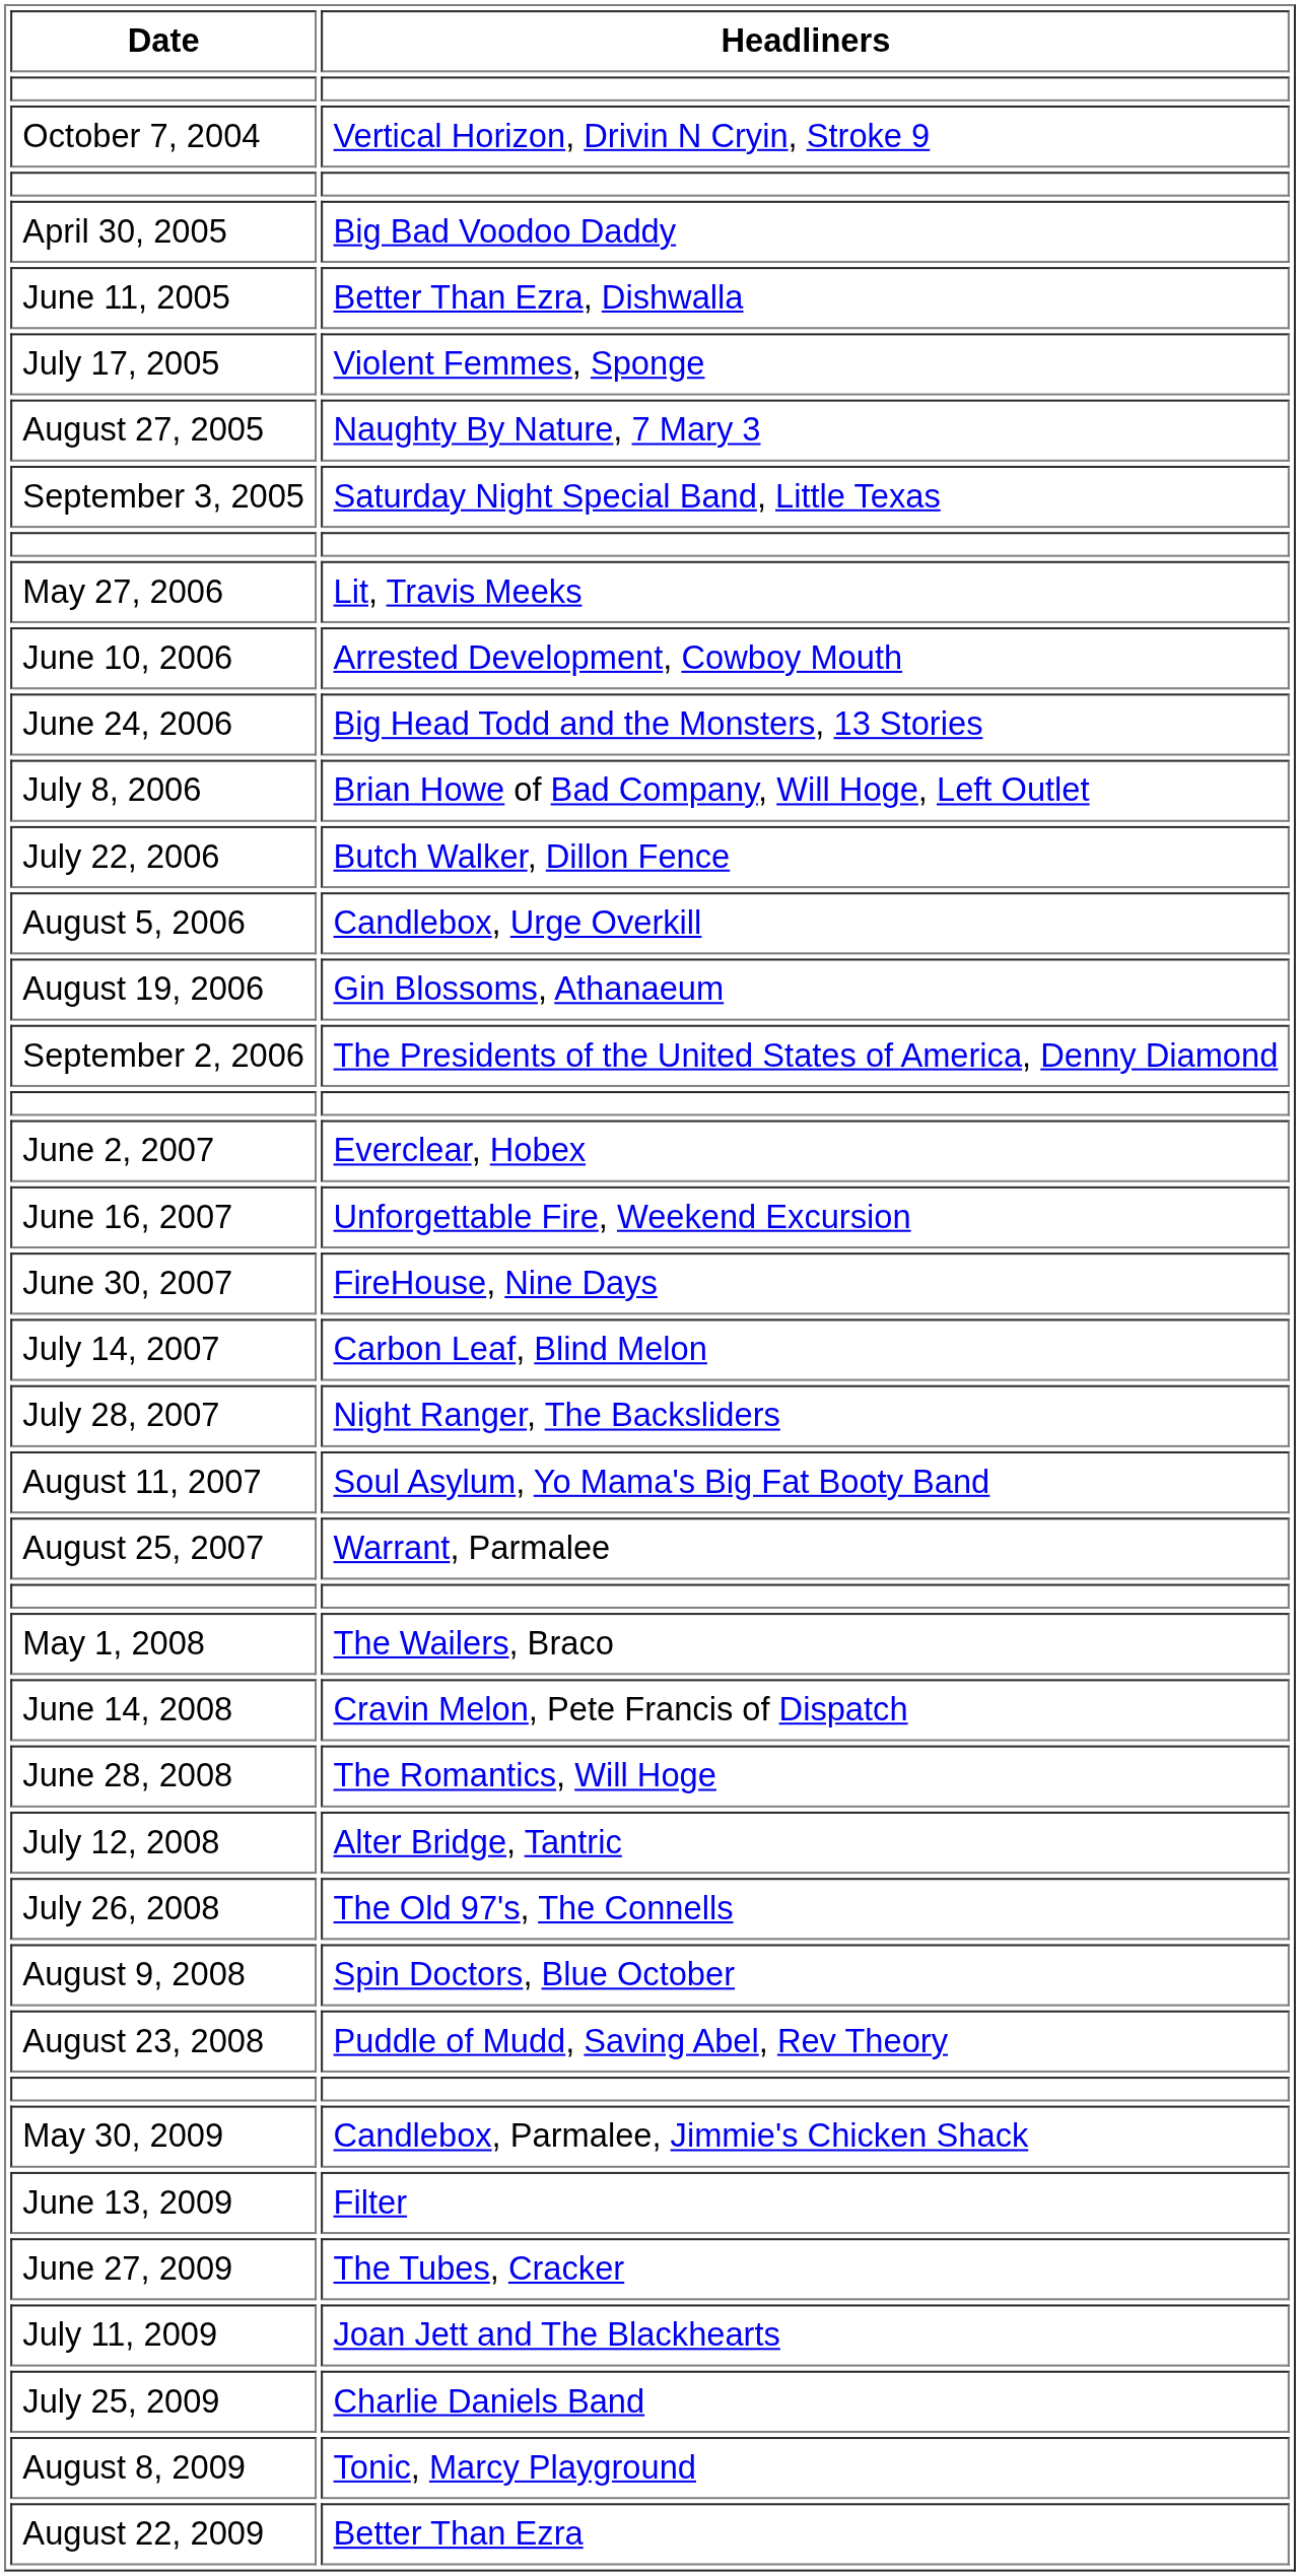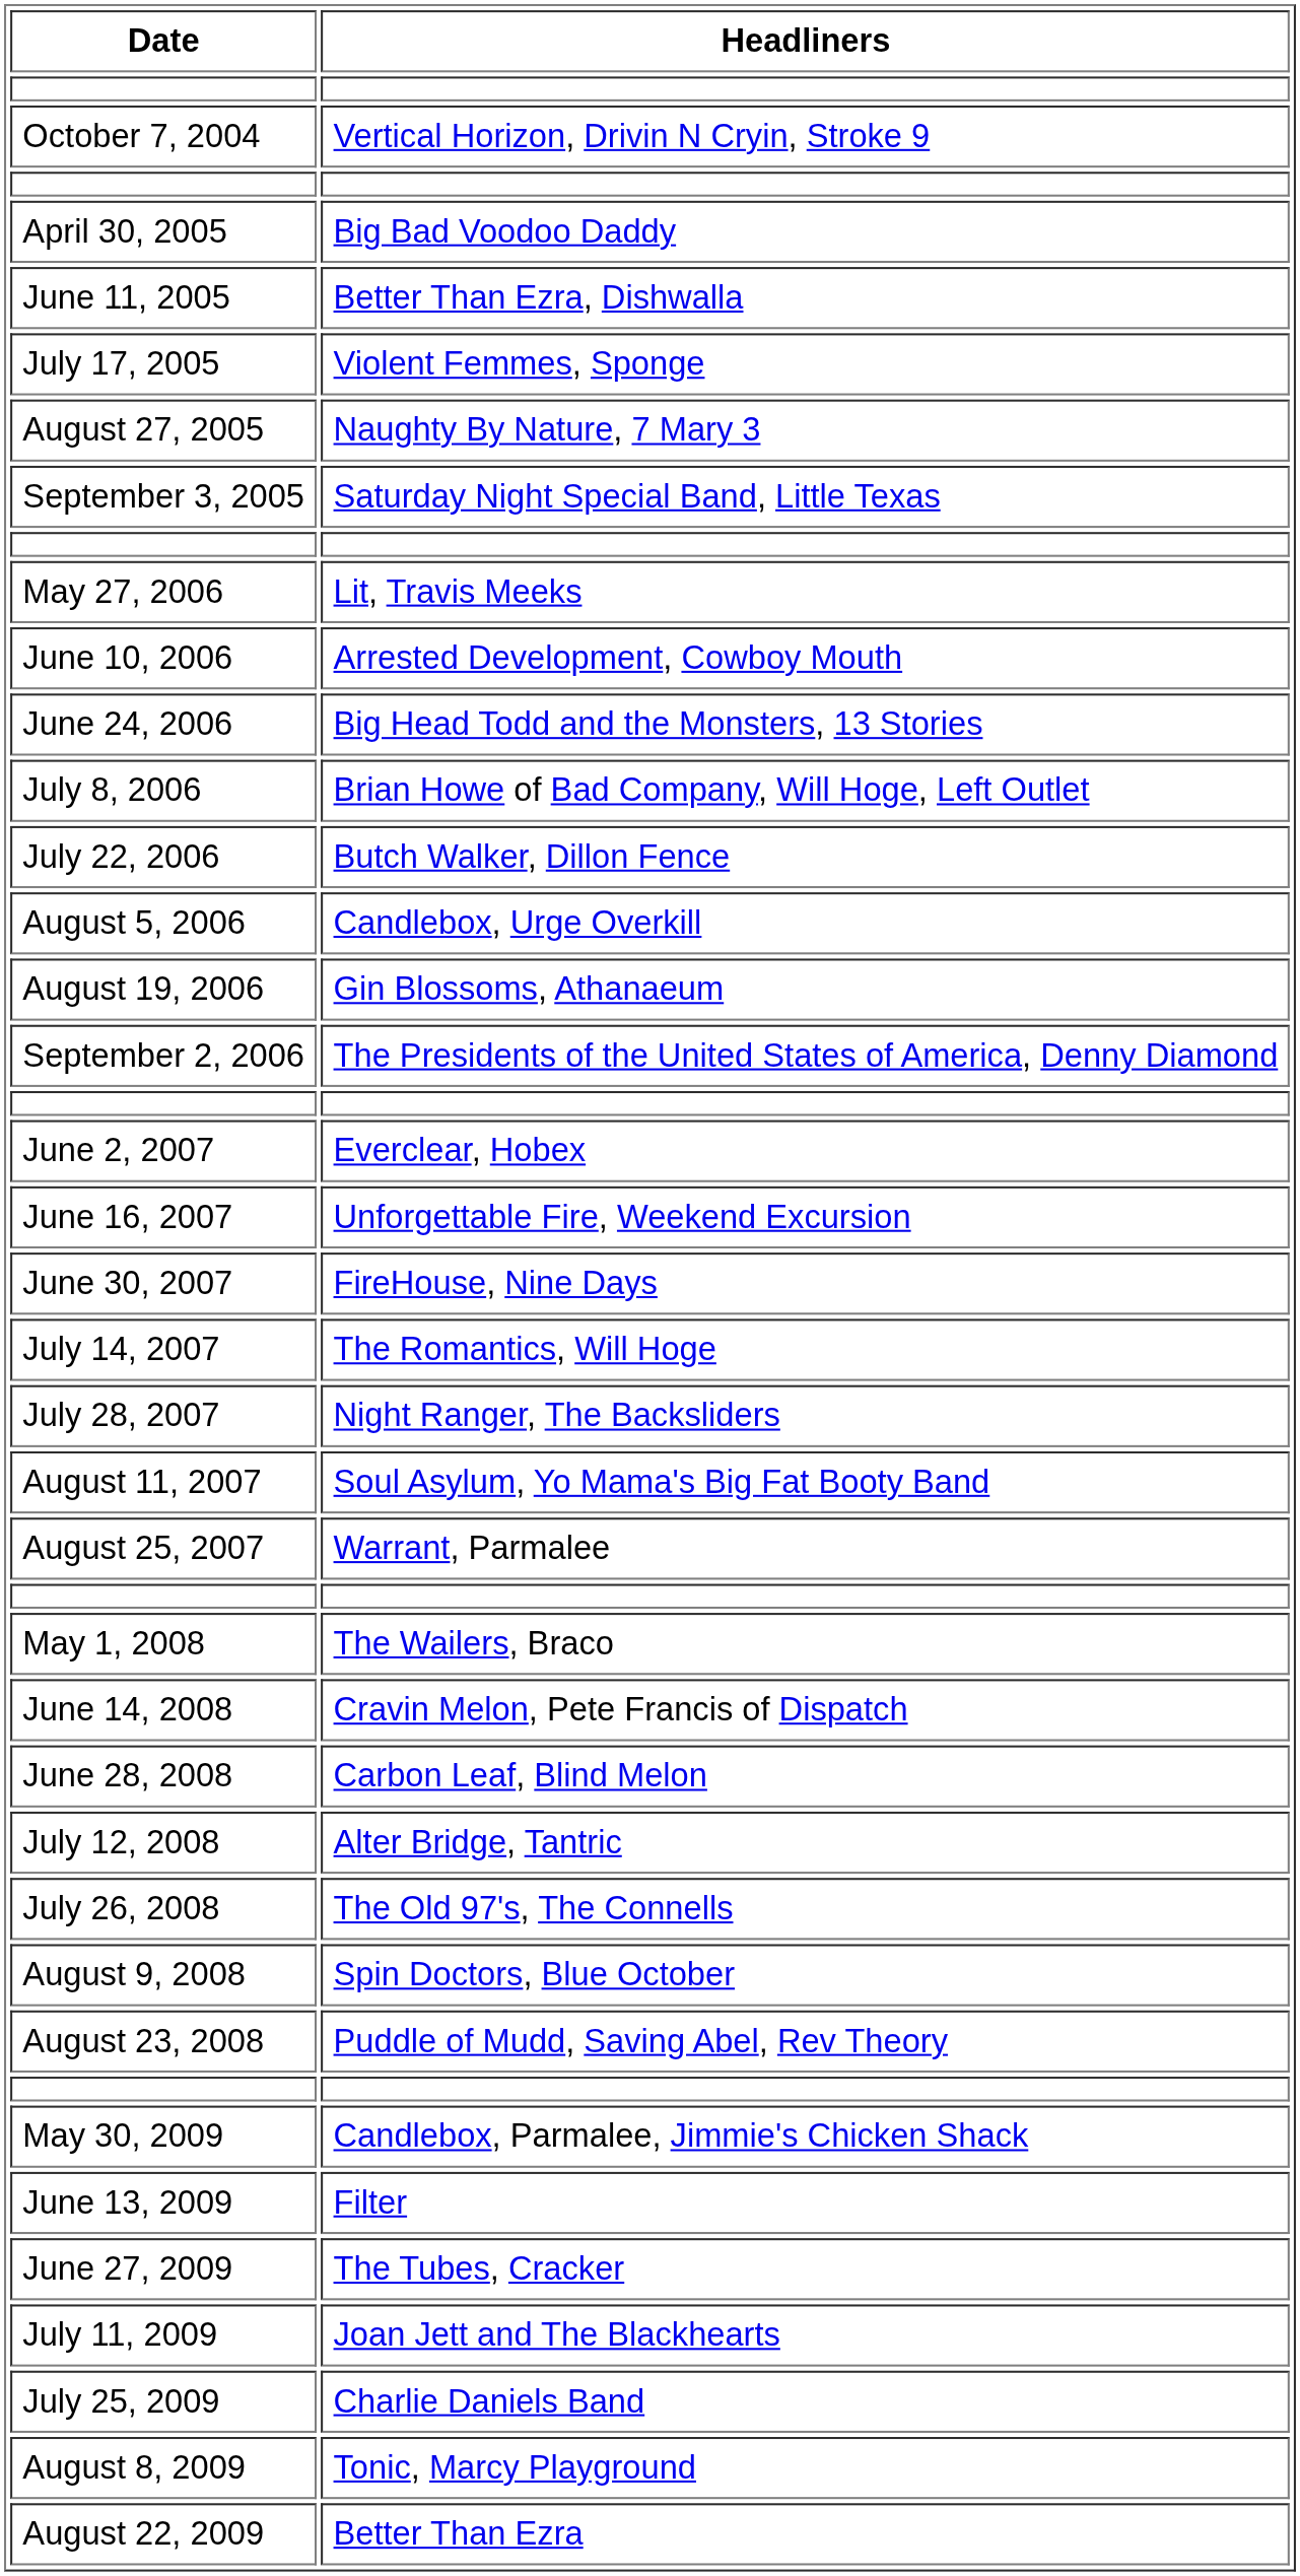 <table border="1" cellpadding="5">
 <tr>
 <th>Date</th>
 <th>Headliners</th>
 </tr>
 <tr>
 <td></td>
 <td></td>
 </tr>
 <tr>
 <td>October 7, 2004</td>
 <td><a href='#'>Vertical Horizon</a>, <a href='#'>Drivin N Cryin</a>, <a href='#'>Stroke 9</a></td>
 </tr>
 <tr>
 <td></td>
 <td></td>
 </tr>
 <tr>
 <td>April 30, 2005</td>
 <td><a href='#'>Big Bad Voodoo Daddy</a></td>
 </tr>
 <tr>
 <td>June 11, 2005</td>
 <td><a href='#'>Better Than Ezra</a>, <a href='#'>Dishwalla</a></td>
 </tr>
 <tr>
 <td>July 17, 2005</td>
 <td><a href='#'>Violent Femmes</a>, <a href='#'>Sponge</a></td>
 </tr>
 <tr>
 <td>August 27, 2005</td>
 <td><a href='#'>Naughty By Nature</a>, <a href='#'>7 Mary 3</a></td>
 </tr>
 <tr>
 <td>September 3, 2005</td>
 <td><a href='#'>Saturday Night Special Band</a>, <a href='#'>Little Texas</a></td>
 </tr>
 <tr>
 <td></td>
 <td></td>
 </tr>
 <tr>
 <td>May 27, 2006</td>
 <td><a href='#'>Lit</a>, <a href='#'>Travis Meeks</a></td>
 </tr>
 <tr>
 <td>June 10, 2006</td>
 <td><a href='#'>Arrested Development</a>, <a href='#'>Cowboy Mouth</a></td>
 </tr>
 <tr>
 <td>June 24, 2006</td>
 <td><a href='#'>Big Head Todd and the Monsters</a>, <a href='#'>13 Stories</a></td>
 </tr>
 <tr>
 <td>July 8, 2006</td>
 <td><a href='#'>Brian Howe</a> of <a href='#'>Bad Company</a>, <a href='#'>Will Hoge</a>, <a href='#'>Left Outlet</a></td>
 </tr>
 <tr>
 <td>July 22, 2006</td>
 <td><a href='#'>Butch Walker</a>, <a href='#'>Dillon Fence</a></td>
 </tr>
 <tr>
 <td>August 5, 2006</td>
 <td><a href='#'>Candlebox</a>, <a href='#'>Urge Overkill</a></td>
 </tr>
 <tr>
 <td>August 19, 2006</td>
 <td><a href='#'>Gin Blossoms</a>, <a href='#'>Athanaeum</a></td>
 </tr>
 <tr>
 <td>September 2, 2006</td>
 <td><a href='#'>The Presidents of the United States of America</a>, <a href='#'>Denny Diamond</a></td>
 </tr>
 <tr>
 <td></td>
 <td></td>
 </tr>
 <tr>
 <td>June 2, 2007</td>
 <td><a href='#'>Everclear</a>, <a href='#'>Hobex</a></td>
 </tr>
 <tr>
 <td>June 16, 2007</td>
 <td><a href='#'>Unforgettable Fire</a>, <a href='#'>Weekend Excursion</a></td>
 </tr>
 <tr>
 <td>June 30, 2007</td>
 <td><a href='#'>FireHouse</a>, <a href='#'>Nine Days</a></td>
 </tr>
 <tr>
 <td>July 14, 2007</td>
-<td><a href='#'>Carbon Leaf</a>, <a href='#'>Blind Melon</a></td>
+<td><a href='#'>The Romantics</a>, <a href='#'>Will Hoge</a></td>
 </tr>
 <tr>
 <td>July 28, 2007</td>
 <td><a href='#'>Night Ranger</a>, <a href='#'>The Backsliders</a></td>
 </tr>
 <tr>
 <td>August 11, 2007</td>
 <td><a href='#'>Soul Asylum</a>, <a href='#'>Yo Mama's Big Fat Booty Band</a></td>
 </tr>
 <tr>
 <td>August 25, 2007</td>
 <td><a href='#'>Warrant</a>, Parmalee</td>
 </tr>
 <tr>
 <td></td>
 <td></td>
 </tr>
 <tr>
 <td>May 1, 2008</td>
 <td><a href='#'>The Wailers</a>, Braco</td>
 </tr>
 <tr>
 <td>June 14, 2008</td>
 <td><a href='#'>Cravin Melon</a>, Pete Francis of <a href='#'>Dispatch</a></td>
 </tr>
 <tr>
 <td>June 28, 2008</td>
-<td><a href='#'>The Romantics</a>, <a href='#'>Will Hoge</a></td>
+<td><a href='#'>Carbon Leaf</a>, <a href='#'>Blind Melon</a></td>
 </tr>
 <tr>
 <td>July 12, 2008</td>
 <td><a href='#'>Alter Bridge</a>, <a href='#'>Tantric</a></td>
 </tr>
 <tr>
 <td>July 26, 2008</td>
 <td><a href='#'>The Old 97's</a>, <a href='#'>The Connells</a></td>
 </tr>
 <tr>
 <td>August 9, 2008</td>
 <td><a href='#'>Spin Doctors</a>, <a href='#'>Blue October</a></td>
 </tr>
 <tr>
 <td>August 23, 2008</td>
 <td><a href='#'>Puddle of Mudd</a>, <a href='#'>Saving Abel</a>, <a href='#'>Rev Theory</a></td>
 </tr>
 <tr>
 <td></td>
 <td></td>
 </tr>
 <tr>
 <td>May 30, 2009</td>
 <td><a href='#'>Candlebox</a>, Parmalee, <a href='#'>Jimmie's Chicken Shack</a></td>
 </tr>
 <tr>
 <td>June 13, 2009</td>
 <td><a href='#'>Filter</a></td>
 </tr>
 <tr>
 <td>June 27, 2009</td>
 <td><a href='#'>The Tubes</a>, <a href='#'>Cracker</a></td>
 </tr>
 <tr>
 <td>July 11, 2009</td>
 <td><a href='#'>Joan Jett and The Blackhearts</a></td>
 </tr>
 <tr>
 <td>July 25, 2009</td>
 <td><a href='#'>Charlie Daniels Band</a></td>
 </tr>
 <tr>
 <td>August 8, 2009</td>
 <td><a href='#'>Tonic</a>, <a href='#'>Marcy Playground</a></td>
 </tr>
 <tr>
 <td>August 22, 2009</td>
 <td><a href='#'>Better Than Ezra</a></td>
 </tr>
 </table>
